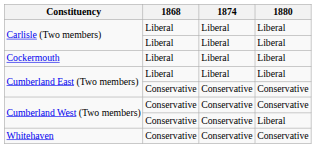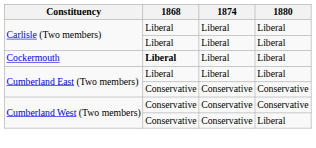 <table class="wikitable">
 <tr>
 <th>Constituency</th>
 <th>1868</th>
 <th>1874</th>
 <th>1880</th>
 </tr>
 <tr>
 <td rowspan="2"><a href='#'>Carlisle</a> (Two members)</td>
 <td>Liberal</td>
 <td>Liberal</td>
 <td>Liberal</td>
 </tr>
 <tr>
 <td>Liberal</td>
 <td>Liberal</td>
 <td>Liberal</td>
 </tr>
 <tr>
 <td><a href='#'>Cockermouth</a></td>
-<td>Liberal</td>
+<td><strong>Liberal</strong></td>
 <td>Liberal</td>
 <td>Liberal</td>
 </tr>
 <tr>
 <td rowspan="2"><a href='#'>Cumberland East</a> (Two members)</td>
 <td>Liberal</td>
 <td>Liberal</td>
 <td>Liberal</td>
 </tr>
 <tr>
 <td>Conservative</td>
 <td>Conservative</td>
 <td>Conservative</td>
 </tr>
 <tr>
 <td rowspan="2"><a href='#'>Cumberland West</a> (Two members)</td>
 <td>Conservative</td>
 <td>Conservative</td>
 <td>Conservative</td>
 </tr>
 <tr>
 <td>Conservative</td>
 <td>Conservative</td>
 <td>Liberal</td>
 </tr>
-<tr>
-<td><a href='#'>Whitehaven</a></td>
-<td>Conservative</td>
-<td>Conservative</td>
-<td>Conservative</td>
-</tr>
 </table>
